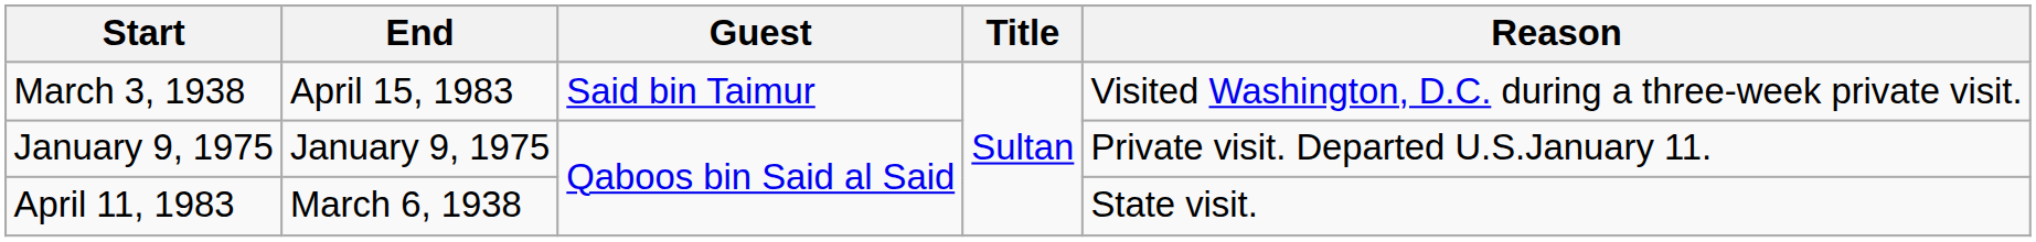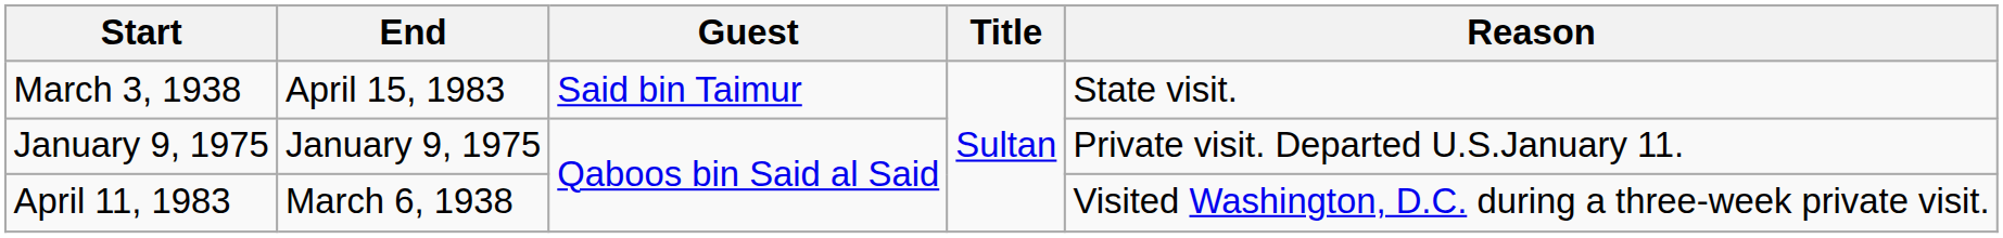 <table class="wikitable">
 <tr>
 <th>Start</th>
 <th>End</th>
 <th>Guest</th>
 <th>Title</th>
 <th>Reason</th>
 </tr>
 <tr>
 <td>March 3, 1938</td>
 <td>April 15, 1983</td>
 <td><a href='#'>Said bin Taimur</a></td>
 <td rowspan=3><a href='#'>Sultan</a></td>
-<td>Visited <a href='#'>Washington, D.C.</a> during a three-week private visit.</td>
+<td>State visit.</td>
 </tr>
 <tr>
 <td>January 9, 1975</td>
 <td>January 9, 1975</td>
 <td rowspan=2><a href='#'>Qaboos bin Said al Said</a></td>
 <td>Private visit. Departed U.S.January 11.</td>
 </tr>
 <tr>
 <td>April 11, 1983</td>
 <td>March 6, 1938</td>
-<td>State visit.</td>
+<td>Visited <a href='#'>Washington, D.C.</a> during a three-week private visit.</td>
 </tr>
 </table>
